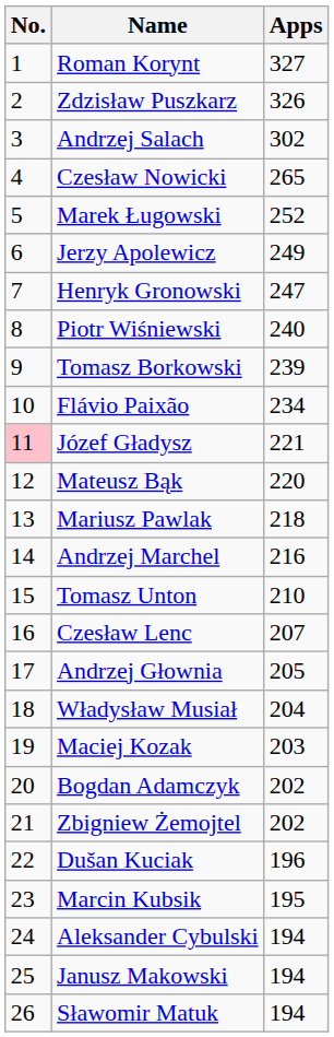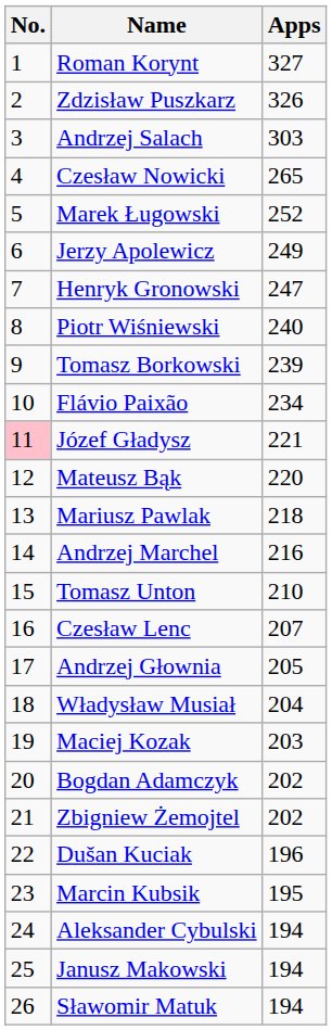 <table class="wikitable" style="display: inline-table;">
 <tr>
 <th>No.</th>
 <th>Name</th>
 <th>Apps</th>
 </tr>
 <tr>
 <td>1</td>
 <td><a href='#'>Roman Korynt</a></td>
 <td>327</td>
 </tr>
 <tr>
 <td>2</td>
 <td><a href='#'>Zdzisław Puszkarz</a></td>
 <td>326</td>
 </tr>
 <tr>
 <td>3</td>
 <td><a href='#'>Andrzej Salach</a></td>
-<td>302</td>
+<td>303</td>
 </tr>
 <tr>
 <td>4</td>
 <td><a href='#'>Czesław Nowicki</a></td>
 <td>265</td>
 </tr>
 <tr>
 <td>5</td>
 <td><a href='#'>Marek Ługowski</a></td>
 <td>252</td>
 </tr>
 <tr>
 <td>6</td>
 <td><a href='#'>Jerzy Apolewicz</a></td>
 <td>249</td>
 </tr>
 <tr>
 <td>7</td>
 <td><a href='#'>Henryk Gronowski</a></td>
 <td>247</td>
 </tr>
 <tr>
 <td>8</td>
 <td><a href='#'>Piotr Wiśniewski</a></td>
 <td>240</td>
 </tr>
 <tr>
 <td>9</td>
 <td><a href='#'>Tomasz Borkowski</a></td>
 <td>239</td>
 </tr>
 <tr>
 <td>10</td>
 <td><a href='#'>Flávio Paixão</a></td>
 <td>234</td>
 </tr>
 <tr>
 <td style="background: pink;">11</td>
 <td><a href='#'>Józef Gładysz</a></td>
 <td>221</td>
 </tr>
 <tr>
 <td>12</td>
 <td><a href='#'>Mateusz Bąk</a></td>
 <td>220</td>
 </tr>
 <tr>
 <td>13</td>
 <td><a href='#'>Mariusz Pawlak</a></td>
 <td>218</td>
 </tr>
 <tr>
 <td>14</td>
 <td><a href='#'>Andrzej Marchel</a></td>
 <td>216</td>
 </tr>
 <tr>
 <td>15</td>
 <td><a href='#'>Tomasz Unton</a></td>
 <td>210</td>
 </tr>
 <tr>
 <td>16</td>
 <td><a href='#'>Czesław Lenc</a></td>
 <td>207</td>
 </tr>
 <tr>
 <td>17</td>
 <td><a href='#'>Andrzej Głownia</a></td>
 <td>205</td>
 </tr>
 <tr>
 <td>18</td>
 <td><a href='#'>Władysław Musiał</a></td>
 <td>204</td>
 </tr>
 <tr>
 <td>19</td>
 <td><a href='#'>Maciej Kozak</a></td>
 <td>203</td>
 </tr>
 <tr>
 <td>20</td>
 <td><a href='#'>Bogdan Adamczyk</a></td>
 <td>202</td>
 </tr>
 <tr>
 <td>21</td>
 <td><a href='#'>Zbigniew Żemojtel</a></td>
 <td>202</td>
 </tr>
 <tr>
 <td>22</td>
 <td><a href='#'>Dušan Kuciak</a></td>
 <td>196</td>
 </tr>
 <tr>
 <td>23</td>
 <td><a href='#'>Marcin Kubsik</a></td>
 <td>195</td>
 </tr>
 <tr>
 <td>24</td>
 <td><a href='#'>Aleksander Cybulski</a></td>
 <td>194</td>
 </tr>
 <tr>
 <td>25</td>
 <td><a href='#'>Janusz Makowski</a></td>
 <td>194</td>
 </tr>
 <tr>
 <td>26</td>
 <td><a href='#'>Sławomir Matuk</a></td>
 <td>194</td>
 </tr>
 </table>
